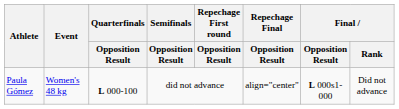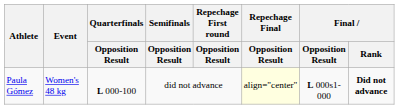 <table class=wikitable style="font-size:90%">
 <tr>
 <th rowspan="2">Athlete</th>
 <th rowspan="2">Event</th>
 <th>Quarterfinals</th>
 <th>Semifinals</th>
 <th>Repechage<br>First round</th>
 <th>Repechage<br>Final</th>
 <th colspan="2">Final / </th>
 </tr>
 <tr>
 <th>Opposition<br>Result</th>
 <th>Opposition<br>Result</th>
 <th>Opposition<br>Result</th>
 <th>Opposition<br>Result</th>
 <th>Opposition<br>Result</th>
 <th>Rank</th>
 </tr>
 <tr>
 <td><a href='#'>Paula Gómez</a></td>
 <td><a href='#'>Women's 48 kg</a></td>
 <td align="center"> <br> <strong>L</strong> 000-100</td>
 <td align="center" colspan=2>did not advance</td>
-<td>align="center" </td>
+<td style="background: lightyellow;">align="center" </td>
 <td align="center"> <br> <strong>L</strong> 000s1-000</td>
-<td align="center">Did not advance</td>
+<td align="center"><strong>Did not advance</strong></td>
 </tr>
 </table>
